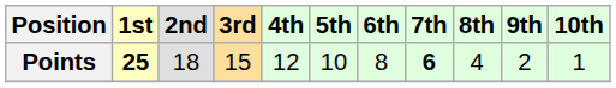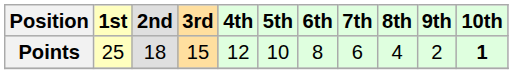 <table class="wikitable" style="font-size: 85%;">
 <tr>
 <th>Position</th>
 <td style="background-color:#ffffbf" align="center"><strong>1st</strong></td>
 <td style="background-color:#dfdfdf" align="center"><strong>2nd</strong></td>
 <td style="background-color:#ffdf9f" align="center"><strong>3rd</strong></td>
 <td style="background-color:#dfffdf" align="center"><strong>4th</strong></td>
 <td style="background-color:#dfffdf" align="center"><strong>5th</strong></td>
 <td style="background-color:#dfffdf" align="center"><strong>6th</strong></td>
 <td style="background-color:#dfffdf" align="center"><strong>7th</strong></td>
 <td style="background-color:#dfffdf" align="center"><strong>8th</strong></td>
 <td style="background-color:#dfffdf" align="center"><strong>9th</strong></td>
 <td style="background-color:#dfffdf" align="center"><strong>10th</strong></td>
 </tr>
 <tr>
 <th>Points</th>
-<td style="background-color:#ffffbf" align="center"><strong>25</strong></td>
+<td style="background-color:#ffffbf" align="center">25</td>
 <td style="background-color:#dfdfdf" align="center">18</td>
 <td style="background-color:#ffdf9f" align="center">15</td>
 <td style="background-color:#dfffdf" align="center">12</td>
 <td style="background-color:#dfffdf" align="center">10</td>
 <td style="background-color:#dfffdf" align="center">8</td>
-<td style="background-color:#dfffdf" align="center"><strong>6</strong></td>
+<td style="background-color:#dfffdf" align="center">6</td>
 <td style="background-color:#dfffdf" align="center">4</td>
 <td style="background-color:#dfffdf" align="center">2</td>
-<td style="background-color:#dfffdf" align="center">1</td>
+<td style="background-color:#dfffdf" align="center"><strong>1</strong></td>
 </tr>
 <tr>
 </tr>
 </table>
